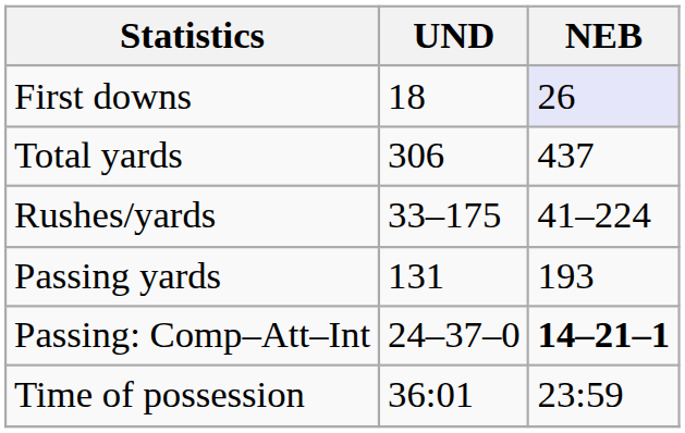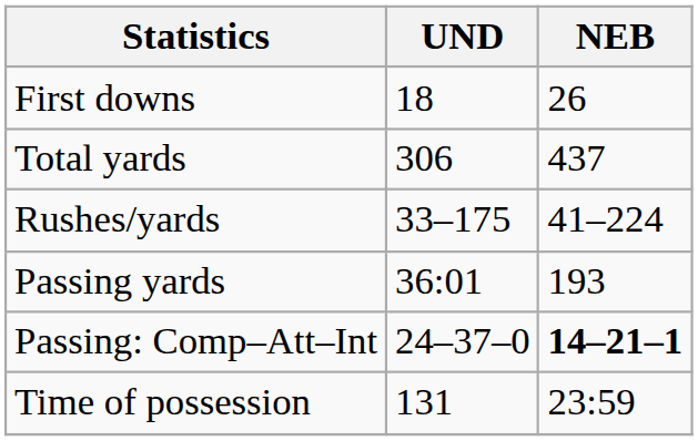 <table class="wikitable" style="float: left;">
 <tr>
 <th>Statistics</th>
 <th>UND</th>
 <th>NEB</th>
 </tr>
 <tr>
 <td>First downs</td>
 <td>18</td>
-<td style="background: lavender;">26</td>
+<td>26</td>
 </tr>
 <tr>
 <td>Total yards</td>
 <td>306</td>
 <td>437</td>
 </tr>
 <tr>
 <td>Rushes/yards</td>
 <td>33–175</td>
 <td>41–224</td>
 </tr>
 <tr>
 <td>Passing yards</td>
-<td>131</td>
+<td>36:01</td>
 <td>193</td>
 </tr>
 <tr>
 <td>Passing: Comp–Att–Int</td>
 <td>24–37–0</td>
 <td><strong>14–21–1</strong></td>
 </tr>
 <tr>
 <td>Time of possession</td>
-<td>36:01</td>
+<td>131</td>
 <td>23:59</td>
 </tr>
 <tr>
 </tr>
 </table>
